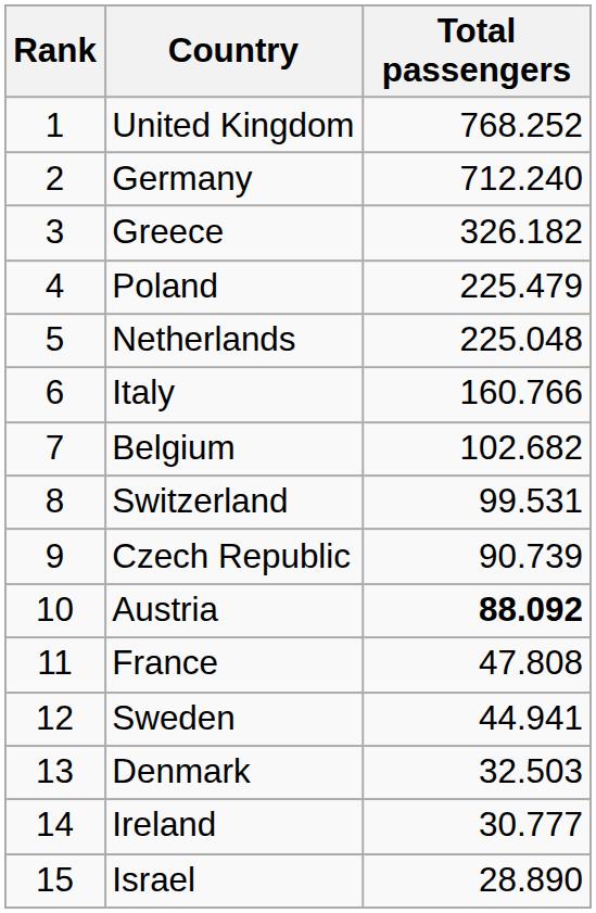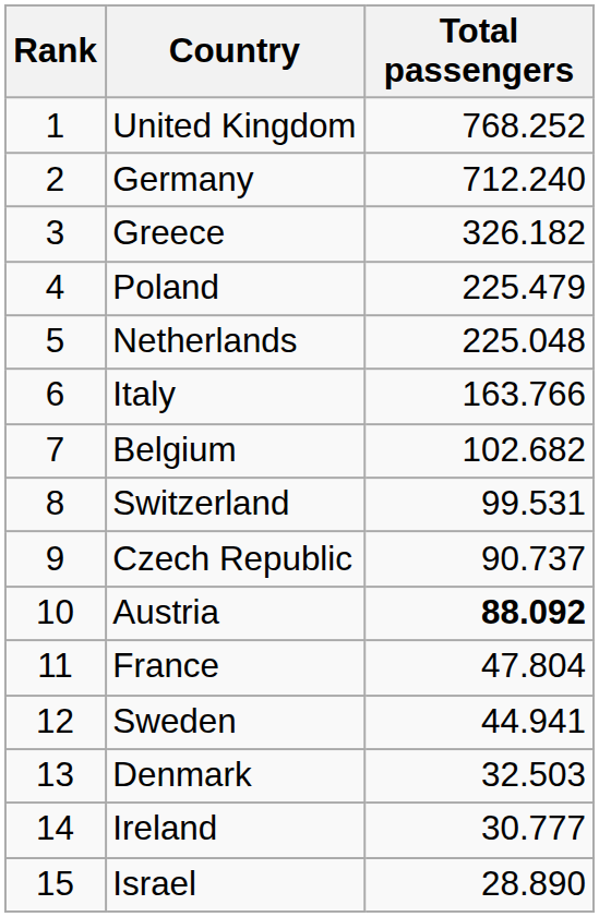 <table class="wikitable">
 <tr>
 <th>Rank</th>
 <th>Country</th>
 <th width=100>Total<br>passengers</th>
 </tr>
 <tr>
 <td style="text-align:center;">1</td>
 <td> United Kingdom</td>
 <td style="text-align:right;">768.252</td>
 </tr>
 <tr>
 <td style="text-align:center;">2</td>
 <td> Germany</td>
 <td style="text-align:right;">712.240</td>
 </tr>
 <tr>
 <td style="text-align:center;">3</td>
 <td> Greece</td>
 <td style="text-align:right;">326.182</td>
 </tr>
 <tr>
 <td style="text-align:center;">4</td>
 <td> Poland</td>
 <td style="text-align:right;">225.479</td>
 </tr>
 <tr>
 <td style="text-align:center;">5</td>
 <td> Netherlands</td>
 <td style="text-align:right;">225.048</td>
 </tr>
 <tr>
 <td style="text-align:center; ">6</td>
 <td> Italy</td>
-<td style="text-align:right;">160.766</td>
+<td style="text-align:right;">163.766</td>
 </tr>
 <tr>
 <td style="text-align:center;">7</td>
 <td> Belgium</td>
 <td style="text-align:right;">102.682</td>
 </tr>
 <tr>
 <td style="text-align:center;">8</td>
 <td> Switzerland</td>
 <td style="text-align:right;">99.531</td>
 </tr>
 <tr>
 <td style="text-align:center;">9</td>
 <td> Czech Republic</td>
-<td style="text-align:right;">90.739</td>
+<td style="text-align:right;">90.737</td>
 </tr>
 <tr>
 <td style="text-align:center;">10</td>
 <td> Austria</td>
 <td style="text-align:right;"><strong>88.092</strong></td>
 </tr>
 <tr>
 <td style="text-align:center; ">11</td>
 <td> France</td>
-<td style="text-align:right;">47.808</td>
+<td style="text-align:right;">47.804</td>
 </tr>
 <tr>
 <td style="text-align:center;">12</td>
 <td> Sweden</td>
 <td style="text-align:right;">44.941</td>
 </tr>
 <tr>
 <td style="text-align:center;">13</td>
 <td> Denmark</td>
 <td style="text-align:right;">32.503</td>
 </tr>
 <tr>
 <td style="text-align:center;">14</td>
 <td> Ireland</td>
 <td style="text-align:right;">30.777</td>
 </tr>
 <tr>
 <td style="text-align:center;">15</td>
 <td> Israel</td>
 <td style="text-align:right;">28.890</td>
 </tr>
 </table>
